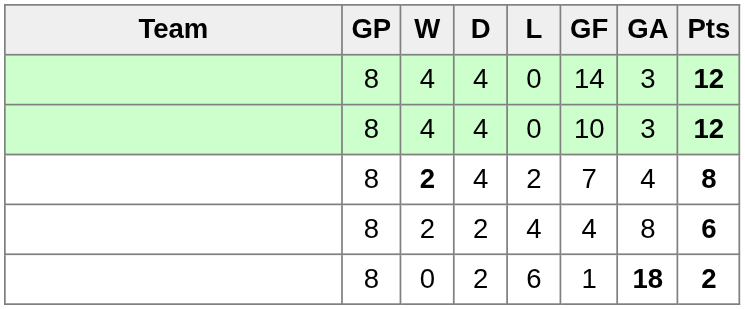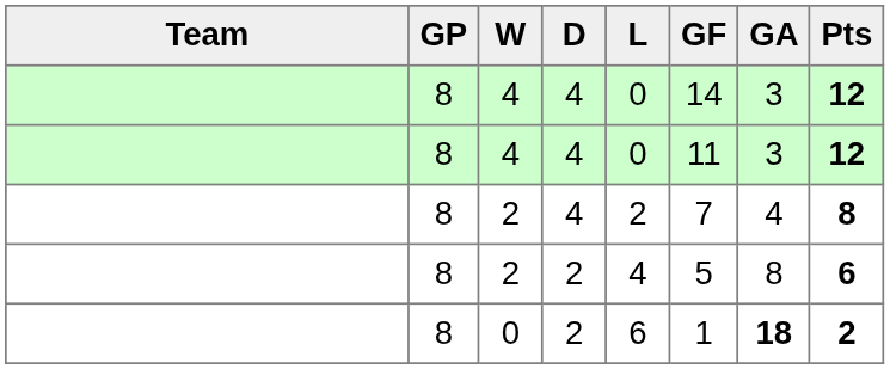 <table style=border-collapse:collapse border=1 cellspacing=0 cellpadding=5>
 <tr align=center bgcolor=#efefef>
 <th width=185>Team</th>
 <th width=20>GP</th>
 <th width=20>W</th>
 <th width=20>D</th>
 <th width=20>L</th>
 <th width=20>GF</th>
 <th width=20>GA</th>
 <th width=20>Pts</th>
 </tr>
 <tr bgcolor=#ccffcc align=center>
 <td style="text-align:left;"></td>
 <td>8</td>
 <td>4</td>
 <td>4</td>
 <td>0</td>
 <td>14</td>
 <td>3</td>
 <td><strong>12</strong></td>
 </tr>
 <tr bgcolor=#ccffcc align=center>
 <td style="text-align:left;"></td>
 <td>8</td>
 <td>4</td>
 <td>4</td>
 <td>0</td>
-<td>10</td>
+<td>11</td>
 <td>3</td>
 <td><strong>12</strong></td>
 </tr>
 <tr align=center>
 <td style="text-align:left;"></td>
 <td>8</td>
-<td><strong>2</strong></td>
+<td>2</td>
 <td>4</td>
 <td>2</td>
 <td>7</td>
 <td>4</td>
 <td><strong>8</strong></td>
 </tr>
 <tr align=center>
 <td style="text-align:left;"></td>
 <td>8</td>
 <td>2</td>
 <td>2</td>
 <td>4</td>
-<td>4</td>
+<td>5</td>
 <td>8</td>
 <td><strong>6</strong></td>
 </tr>
 <tr align=center>
 <td style="text-align:left;"></td>
 <td>8</td>
 <td>0</td>
 <td>2</td>
 <td>6</td>
 <td>1</td>
 <td><strong>18</strong></td>
 <td><strong>2</strong></td>
 </tr>
 </table>
